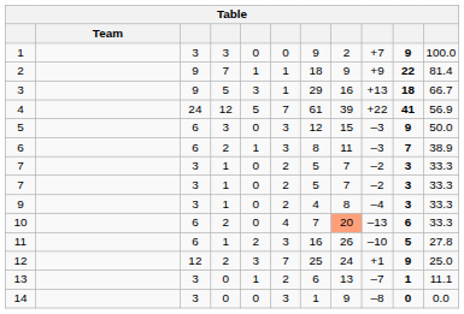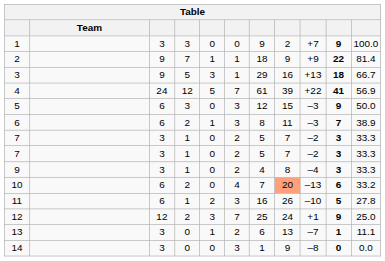 <table class="wikitable" style="text-align: center;">
 <tr>
 <th colspan=11>Table</th>
 </tr>
 <tr>
 <th style="width: 35px;"></th>
 <th style="width: 200px;">Team</th>
 <th style="width: 35px;"></th>
 <th style="width: 35px;"></th>
 <th style="width: 35px;"></th>
 <th style="width: 35px;"></th>
 <th style="width: 35px;"></th>
 <th style="width: 35px;"></th>
 <th style="width: 35px;"></th>
 <th style="width: 35px;"></th>
 <th style="width: 35px;"></th>
 </tr>
 <tr>
 <td>1</td>
 <td style="text-align:left;"></td>
 <td>3</td>
 <td>3</td>
 <td>0</td>
 <td>0</td>
 <td>9</td>
 <td>2</td>
 <td>+7</td>
 <td><strong>9</strong></td>
 <td>100.0</td>
 </tr>
 <tr>
 <td>2</td>
 <td style="text-align:left;"></td>
 <td>9</td>
 <td>7</td>
 <td>1</td>
 <td>1</td>
 <td>18</td>
 <td>9</td>
 <td>+9</td>
 <td><strong>22</strong></td>
 <td>81.4</td>
 </tr>
 <tr>
 <td>3</td>
 <td style="text-align:left;"></td>
 <td>9</td>
 <td>5</td>
 <td>3</td>
 <td>1</td>
 <td>29</td>
 <td>16</td>
 <td>+13</td>
 <td><strong>18</strong></td>
 <td>66.7</td>
 </tr>
 <tr>
 <td>4</td>
 <td style="text-align:left;"></td>
 <td>24</td>
 <td>12</td>
 <td>5</td>
 <td>7</td>
 <td>61</td>
 <td>39</td>
 <td>+22</td>
 <td><strong>41</strong></td>
 <td>56.9</td>
 </tr>
 <tr>
 <td>5</td>
 <td style="text-align:left;"></td>
 <td>6</td>
 <td>3</td>
 <td>0</td>
 <td>3</td>
 <td>12</td>
 <td>15</td>
 <td>–3</td>
 <td><strong>9</strong></td>
 <td>50.0</td>
 </tr>
 <tr>
 <td>6</td>
 <td style="text-align:left;"></td>
 <td>6</td>
 <td>2</td>
 <td>1</td>
 <td>3</td>
 <td>8</td>
 <td>11</td>
 <td>–3</td>
 <td><strong>7</strong></td>
 <td>38.9</td>
 </tr>
 <tr>
 <td>7</td>
 <td style="text-align:left;"></td>
 <td>3</td>
 <td>1</td>
 <td>0</td>
 <td>2</td>
 <td>5</td>
 <td>7</td>
 <td>–2</td>
 <td><strong>3</strong></td>
 <td>33.3</td>
 </tr>
 <tr>
 <td>7</td>
 <td style="text-align:left;"></td>
 <td>3</td>
 <td>1</td>
 <td>0</td>
 <td>2</td>
 <td>5</td>
 <td>7</td>
 <td>–2</td>
 <td><strong>3</strong></td>
 <td>33.3</td>
 </tr>
 <tr>
 <td>9</td>
 <td style="text-align:left;"></td>
 <td>3</td>
 <td>1</td>
 <td>0</td>
 <td>2</td>
 <td>4</td>
 <td>8</td>
 <td>–4</td>
 <td><strong>3</strong></td>
 <td>33.3</td>
 </tr>
 <tr>
 <td>10</td>
 <td style="text-align:left;"></td>
 <td>6</td>
 <td>2</td>
 <td>0</td>
 <td>4</td>
 <td>7</td>
 <td style="background: lightsalmon;">20</td>
 <td>–13</td>
 <td><strong>6</strong></td>
-<td>33.3</td>
+<td>33.2</td>
 </tr>
 <tr>
 <td>11</td>
 <td style="text-align:left;"></td>
 <td>6</td>
 <td>1</td>
 <td>2</td>
 <td>3</td>
 <td>16</td>
 <td>26</td>
 <td>–10</td>
 <td><strong>5</strong></td>
 <td>27.8</td>
 </tr>
 <tr>
 <td>12</td>
 <td style="text-align:left;"></td>
 <td>12</td>
 <td>2</td>
 <td>3</td>
 <td>7</td>
 <td>25</td>
 <td>24</td>
 <td>+1</td>
 <td><strong>9</strong></td>
 <td>25.0</td>
 </tr>
 <tr>
 <td>13</td>
 <td style="text-align:left;"></td>
 <td>3</td>
 <td>0</td>
 <td>1</td>
 <td>2</td>
 <td>6</td>
 <td>13</td>
 <td>–7</td>
 <td><strong>1</strong></td>
 <td>11.1</td>
 </tr>
 <tr>
 <td>14</td>
 <td style="text-align:left;"></td>
 <td>3</td>
 <td>0</td>
 <td>0</td>
 <td>3</td>
 <td>1</td>
 <td>9</td>
 <td>–8</td>
 <td><strong>0</strong></td>
 <td>0.0</td>
 </tr>
 </table>
